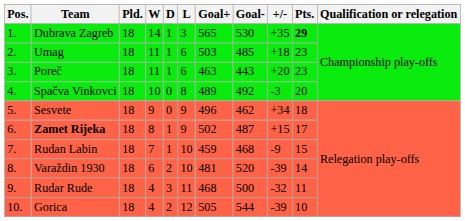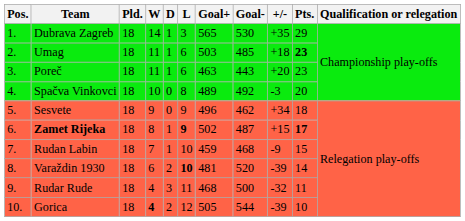 <table class="wikitable">
 <tr>
 <th>Pos.</th>
 <th>Team</th>
 <th>Pld.</th>
 <th>W</th>
 <th>D</th>
 <th>L</th>
 <th>Goal+</th>
 <th>Goal-</th>
 <th>+/-</th>
 <th>Pts.</th>
 <th>Qualification or relegation</th>
 </tr>
 <tr bgcolor="paleblue">
 <td>1.</td>
 <td>Dubrava Zagreb</td>
 <td>18</td>
 <td>14</td>
 <td>1</td>
 <td>3</td>
 <td>565</td>
 <td>530</td>
 <td>+35</td>
-<td><strong>29</strong></td>
+<td>29</td>
 <td rowspan="4">Championship play-offs</td>
 </tr>
 <tr bgcolor="paleblue">
 <td>2.</td>
 <td>Umag</td>
 <td>18</td>
 <td>11</td>
 <td>1</td>
 <td>6</td>
 <td>503</td>
 <td>485</td>
 <td>+18</td>
-<td>23</td>
+<td><strong>23</strong></td>
 </tr>
 <tr bgcolor="paleblue">
 <td>3.</td>
 <td>Poreč</td>
 <td>18</td>
 <td>11</td>
 <td>1</td>
 <td>6</td>
 <td>463</td>
 <td>443</td>
 <td>+20</td>
 <td>23</td>
 </tr>
 <tr bgcolor="paleblue">
 <td>4.</td>
 <td>Spačva Vinkovci</td>
 <td>18</td>
 <td>10</td>
 <td>0</td>
 <td>8</td>
 <td>489</td>
 <td>492</td>
 <td>-3</td>
 <td>20</td>
 </tr>
 <tr style="background:tomato;">
 <td>5.</td>
 <td>Sesvete</td>
 <td>18</td>
 <td>9</td>
 <td>0</td>
 <td>9</td>
 <td>496</td>
 <td>462</td>
 <td>+34</td>
 <td>18</td>
 <td rowspan="6">Relegation play-offs</td>
 </tr>
 <tr style="background:tomato;">
 <td>6.</td>
 <td><strong>Zamet Rijeka</strong></td>
 <td>18</td>
 <td>8</td>
 <td>1</td>
-<td>9</td>
+<td><strong>9</strong></td>
 <td>502</td>
 <td>487</td>
 <td>+15</td>
-<td>17</td>
+<td><strong>17</strong></td>
 </tr>
 <tr style="background:tomato;">
 <td>7.</td>
 <td>Rudan Labin</td>
 <td>18</td>
 <td>7</td>
 <td>1</td>
 <td>10</td>
 <td>459</td>
 <td>468</td>
 <td>-9</td>
 <td>15</td>
 </tr>
 <tr style="background:tomato;">
 <td>8.</td>
 <td>Varaždin 1930</td>
 <td>18</td>
 <td>6</td>
 <td>2</td>
-<td>10</td>
+<td><strong>10</strong></td>
 <td>481</td>
 <td>520</td>
 <td>-39</td>
 <td>14</td>
 </tr>
 <tr style="background:tomato;">
 <td>9.</td>
 <td>Rudar Rude</td>
 <td>18</td>
 <td>4</td>
 <td>3</td>
 <td>11</td>
 <td>468</td>
 <td>500</td>
 <td>-32</td>
 <td>11</td>
 </tr>
 <tr style="background:tomato;">
 <td>10.</td>
 <td>Gorica</td>
 <td>18</td>
-<td>4</td>
+<td><strong>4</strong></td>
 <td>2</td>
 <td>12</td>
 <td>505</td>
 <td>544</td>
 <td>-39</td>
 <td>10</td>
 </tr>
 </table>
